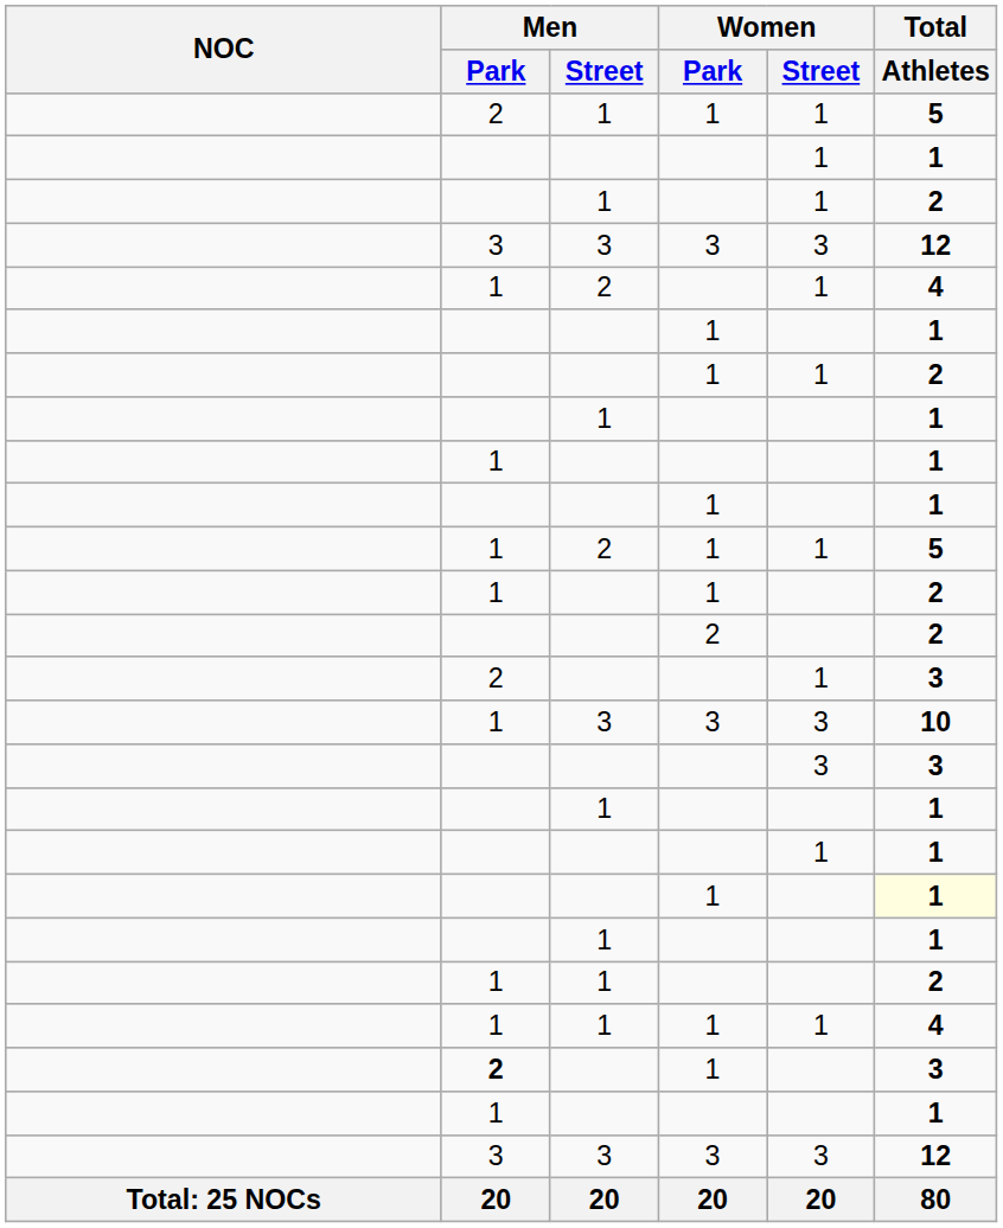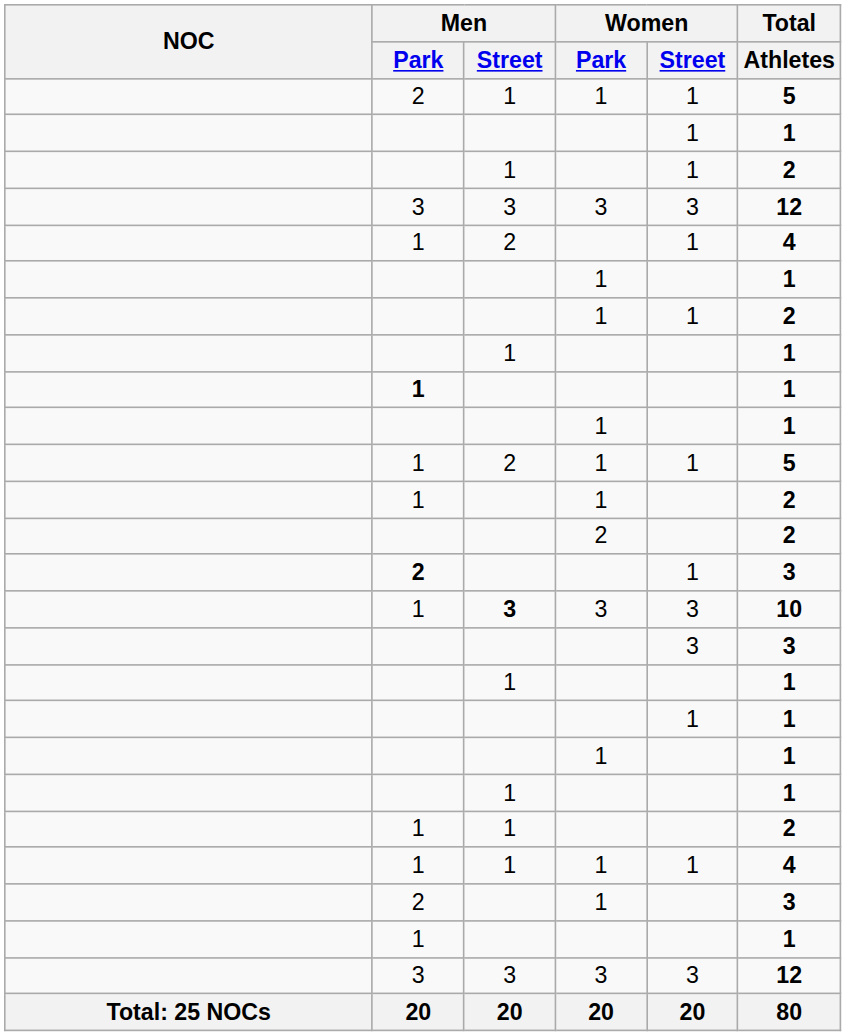 <table class="wikitable sortable" width=520 style="text-align:center; font-size:90%">
 <tr>
 <th rowspan="2" style="text-align:center;">NOC</th>
 <th colspan="2">Men</th>
 <th colspan="2">Women</th>
 <th>Total</th>
 </tr>
 <tr>
 <th width=50><a href='#'>Park</a></th>
 <th width=50><a href='#'>Street</a></th>
 <th width=50><a href='#'>Park</a></th>
 <th width=50><a href='#'>Street</a></th>
 <th width=50>Athletes</th>
 </tr>
 <tr>
 <td style="text-align:left;"></td>
 <td>2</td>
 <td>1</td>
 <td>1</td>
 <td>1</td>
 <td><strong>5</strong></td>
 </tr>
 <tr>
 <td style="text-align:left;"></td>
 <td></td>
 <td></td>
 <td></td>
 <td>1</td>
 <td><strong>1</strong></td>
 </tr>
 <tr>
 <td style="text-align:left;"></td>
 <td></td>
 <td>1</td>
 <td></td>
 <td>1</td>
 <td><strong>2</strong></td>
 </tr>
 <tr>
 <td style="text-align:left;"></td>
 <td>3</td>
 <td>3</td>
 <td>3</td>
 <td>3</td>
 <td><strong>12</strong></td>
 </tr>
 <tr>
 <td style="text-align:left;"></td>
 <td>1</td>
 <td>2</td>
 <td></td>
 <td>1</td>
 <td><strong>4</strong></td>
 </tr>
 <tr>
 <td style="text-align:left;"></td>
 <td></td>
 <td></td>
 <td>1</td>
 <td></td>
 <td><strong>1</strong></td>
 </tr>
 <tr>
 <td style="text-align:left;"></td>
 <td></td>
 <td></td>
 <td>1</td>
 <td>1</td>
 <td><strong>2</strong></td>
 </tr>
 <tr>
 <td style="text-align:left;"></td>
 <td></td>
 <td>1</td>
 <td></td>
 <td></td>
 <td><strong>1</strong></td>
 </tr>
 <tr>
 <td style="text-align:left;"></td>
-<td>1</td>
+<td><strong>1</strong></td>
 <td></td>
 <td></td>
 <td></td>
 <td><strong>1</strong></td>
 </tr>
 <tr>
 <td style="text-align:left;"></td>
 <td></td>
 <td></td>
 <td>1</td>
 <td></td>
 <td><strong>1</strong></td>
 </tr>
 <tr>
 <td style="text-align:left;"></td>
 <td>1</td>
 <td>2</td>
 <td>1</td>
 <td>1</td>
 <td><strong>5</strong></td>
 </tr>
 <tr>
 <td style="text-align:left;"></td>
 <td>1</td>
 <td></td>
 <td>1</td>
 <td></td>
 <td><strong>2</strong></td>
 </tr>
 <tr>
 <td style="text-align:left;"></td>
 <td></td>
 <td></td>
 <td>2</td>
 <td></td>
 <td><strong>2</strong></td>
 </tr>
 <tr>
 <td style="text-align:left;"></td>
-<td>2</td>
+<td><strong>2</strong></td>
 <td></td>
 <td></td>
 <td>1</td>
 <td><strong>3</strong></td>
 </tr>
 <tr>
 <td style="text-align:left;"></td>
 <td>1</td>
-<td>3</td>
+<td><strong>3</strong></td>
 <td>3</td>
 <td>3</td>
 <td><strong>10</strong></td>
 </tr>
 <tr>
 <td style="text-align:left;"></td>
 <td></td>
 <td></td>
 <td></td>
 <td>3</td>
 <td><strong>3</strong></td>
 </tr>
 <tr>
 <td style="text-align:left;"></td>
 <td></td>
 <td>1</td>
 <td></td>
 <td></td>
 <td><strong>1</strong></td>
 </tr>
 <tr>
 <td style="text-align:left;"></td>
 <td></td>
 <td></td>
 <td></td>
 <td>1</td>
 <td><strong>1</strong></td>
 </tr>
 <tr>
 <td style="text-align:left;"></td>
 <td></td>
 <td></td>
 <td>1</td>
 <td></td>
-<td style="background: lightyellow;"><strong>1</strong></td>
+<td><strong>1</strong></td>
 </tr>
 <tr>
 <td style="text-align:left;"></td>
 <td></td>
 <td>1</td>
 <td></td>
 <td></td>
 <td><strong>1</strong></td>
 </tr>
 <tr>
 <td style="text-align:left;"></td>
 <td>1</td>
 <td>1</td>
 <td></td>
 <td></td>
 <td><strong>2</strong></td>
 </tr>
 <tr>
 <td style="text-align:left;"></td>
 <td>1</td>
 <td>1</td>
 <td>1</td>
 <td>1</td>
 <td><strong>4</strong></td>
 </tr>
 <tr>
 <td style="text-align:left;"></td>
-<td><strong>2</strong></td>
+<td>2</td>
 <td></td>
 <td>1</td>
 <td></td>
 <td><strong>3</strong></td>
 </tr>
 <tr>
 <td style="text-align:left;"></td>
 <td>1</td>
 <td></td>
 <td></td>
 <td></td>
 <td><strong>1</strong></td>
 </tr>
 <tr>
 <td style="text-align:left;"></td>
 <td>3</td>
 <td>3</td>
 <td>3</td>
 <td>3</td>
 <td><strong>12</strong></td>
 </tr>
 <tr>
 <th>Total: 25 NOCs</th>
 <th>20</th>
 <th>20</th>
 <th>20</th>
 <th>20</th>
 <th>80</th>
 </tr>
 </table>
